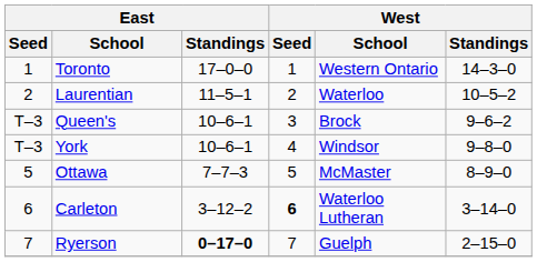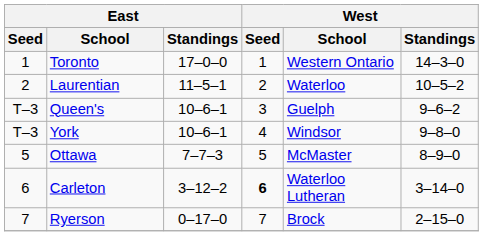 <table class="wikitable">
 <tr>
 <th colspan=3>East</th>
 <th colspan=3>West</th>
 </tr>
 <tr>
 <th>Seed</th>
 <th style="width:120px">School</th>
 <th>Standings</th>
 <th>Seed</th>
 <th style="width:120px">School</th>
 <th>Standings</th>
 </tr>
 <tr>
 <td align=center>1</td>
 <td><a href='#'>Toronto</a></td>
 <td align=center>17–0–0</td>
 <td align=center>1</td>
 <td><a href='#'>Western Ontario</a></td>
 <td align=center>14–3–0</td>
 </tr>
 <tr>
 <td align=center>2</td>
 <td><a href='#'>Laurentian</a></td>
 <td align=center>11–5–1</td>
 <td align=center>2</td>
 <td><a href='#'>Waterloo</a></td>
 <td align=center>10–5–2</td>
 </tr>
 <tr>
 <td align=center>T–3</td>
 <td><a href='#'>Queen's</a></td>
 <td align=center>10–6–1</td>
 <td align=center>3</td>
-<td><a href='#'>Brock</a></td>
+<td><a href='#'>Guelph</a></td>
 <td align=center>9–6–2</td>
 </tr>
 <tr>
 <td align=center>T–3</td>
 <td><a href='#'>York</a></td>
 <td align=center>10–6–1</td>
 <td align=center>4</td>
 <td><a href='#'>Windsor</a></td>
 <td align=center>9–8–0</td>
 </tr>
 <tr>
 <td align=center>5</td>
 <td><a href='#'>Ottawa</a></td>
 <td align=center>7–7–3</td>
 <td align=center>5</td>
 <td><a href='#'>McMaster</a></td>
 <td align=center>8–9–0</td>
 </tr>
 <tr>
 <td align=center>6</td>
 <td><a href='#'>Carleton</a></td>
 <td align=center>3–12–2</td>
 <td align=center><strong>6</strong></td>
 <td><a href='#'>Waterloo Lutheran</a></td>
 <td align=center>3–14–0</td>
 </tr>
 <tr>
 <td align=center>7</td>
 <td><a href='#'>Ryerson</a></td>
-<td align=center><strong>0–17–0</strong></td>
+<td align=center>0–17–0</td>
 <td align=center>7</td>
-<td><a href='#'>Guelph</a></td>
+<td><a href='#'>Brock</a></td>
 <td align=center>2–15–0</td>
 </tr>
 <tr>
 </tr>
 </table>
